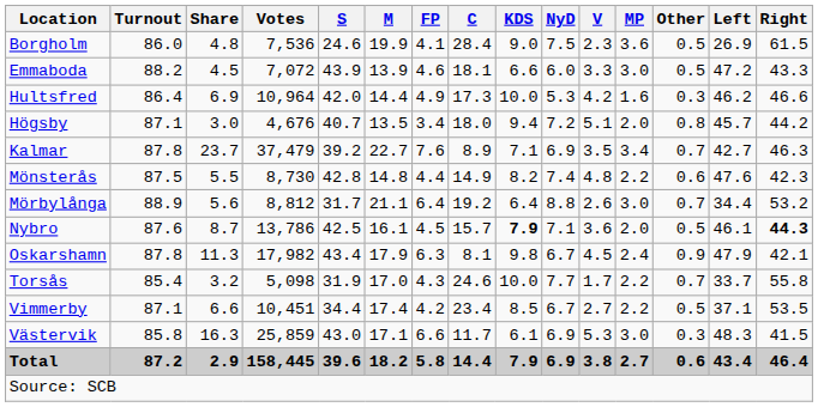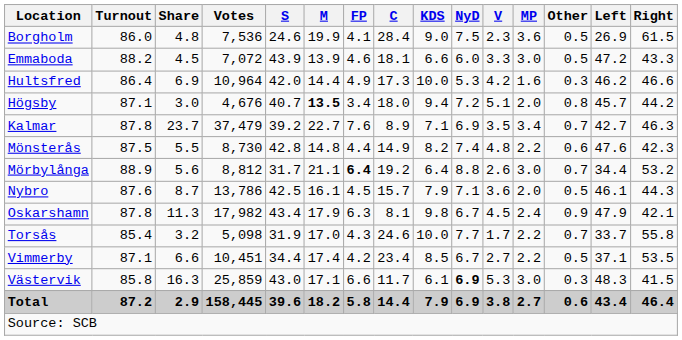 <table class="wikitable sortable" style=text-align:right>
 <tr>
 <th>Location</th>
 <th>Turnout</th>
 <th>Share</th>
 <th>Votes</th>
 <th><a href='#'>S</a></th>
 <th><a href='#'>M</a></th>
 <th><a href='#'>FP</a></th>
 <th><a href='#'>C</a></th>
 <th><a href='#'>KDS</a></th>
 <th><a href='#'>NyD</a></th>
 <th><a href='#'>V</a></th>
 <th><a href='#'>MP</a></th>
 <th>Other</th>
 <th>Left</th>
 <th>Right</th>
 </tr>
 <tr>
 <td align=left><a href='#'>Borgholm</a></td>
 <td>86.0</td>
 <td>4.8</td>
 <td>7,536</td>
 <td>24.6</td>
 <td>19.9</td>
 <td>4.1</td>
 <td>28.4</td>
 <td>9.0</td>
 <td>7.5</td>
 <td>2.3</td>
 <td>3.6</td>
 <td>0.5</td>
 <td>26.9</td>
 <td>61.5</td>
 </tr>
 <tr>
 <td align=left><a href='#'>Emmaboda</a></td>
 <td>88.2</td>
 <td>4.5</td>
 <td>7,072</td>
 <td>43.9</td>
 <td>13.9</td>
 <td>4.6</td>
 <td>18.1</td>
 <td>6.6</td>
 <td>6.0</td>
 <td>3.3</td>
 <td>3.0</td>
 <td>0.5</td>
 <td>47.2</td>
 <td>43.3</td>
 </tr>
 <tr>
 <td align=left><a href='#'>Hultsfred</a></td>
 <td>86.4</td>
 <td>6.9</td>
 <td>10,964</td>
 <td>42.0</td>
 <td>14.4</td>
 <td>4.9</td>
 <td>17.3</td>
 <td>10.0</td>
 <td>5.3</td>
 <td>4.2</td>
 <td>1.6</td>
 <td>0.3</td>
 <td>46.2</td>
 <td>46.6</td>
 </tr>
 <tr>
 <td align=left><a href='#'>Högsby</a></td>
 <td>87.1</td>
 <td>3.0</td>
 <td>4,676</td>
 <td>40.7</td>
-<td>13.5</td>
+<td><strong>13.5</strong></td>
 <td>3.4</td>
 <td>18.0</td>
 <td>9.4</td>
 <td>7.2</td>
 <td>5.1</td>
 <td>2.0</td>
 <td>0.8</td>
 <td>45.7</td>
 <td>44.2</td>
 </tr>
 <tr>
 <td align=left><a href='#'>Kalmar</a></td>
 <td>87.8</td>
 <td>23.7</td>
 <td>37,479</td>
 <td>39.2</td>
 <td>22.7</td>
 <td>7.6</td>
 <td>8.9</td>
 <td>7.1</td>
 <td>6.9</td>
 <td>3.5</td>
 <td>3.4</td>
 <td>0.7</td>
 <td>42.7</td>
 <td>46.3</td>
 </tr>
 <tr>
 <td align=left><a href='#'>Mönsterås</a></td>
 <td>87.5</td>
 <td>5.5</td>
 <td>8,730</td>
 <td>42.8</td>
 <td>14.8</td>
 <td>4.4</td>
 <td>14.9</td>
 <td>8.2</td>
 <td>7.4</td>
 <td>4.8</td>
 <td>2.2</td>
 <td>0.6</td>
 <td>47.6</td>
 <td>42.3</td>
 </tr>
 <tr>
 <td align=left><a href='#'>Mörbylånga</a></td>
 <td>88.9</td>
 <td>5.6</td>
 <td>8,812</td>
 <td>31.7</td>
 <td>21.1</td>
-<td>6.4</td>
+<td><strong>6.4</strong></td>
 <td>19.2</td>
 <td>6.4</td>
 <td>8.8</td>
 <td>2.6</td>
 <td>3.0</td>
 <td>0.7</td>
 <td>34.4</td>
 <td>53.2</td>
 </tr>
 <tr>
 <td align=left><a href='#'>Nybro</a></td>
 <td>87.6</td>
 <td>8.7</td>
 <td>13,786</td>
 <td>42.5</td>
 <td>16.1</td>
 <td>4.5</td>
 <td>15.7</td>
-<td><strong>7.9</strong></td>
+<td>7.9</td>
 <td>7.1</td>
 <td>3.6</td>
 <td>2.0</td>
 <td>0.5</td>
 <td>46.1</td>
-<td><strong>44.3</strong></td>
+<td>44.3</td>
 </tr>
 <tr>
 <td align=left><a href='#'>Oskarshamn</a></td>
 <td>87.8</td>
 <td>11.3</td>
 <td>17,982</td>
 <td>43.4</td>
 <td>17.9</td>
 <td>6.3</td>
 <td>8.1</td>
 <td>9.8</td>
 <td>6.7</td>
 <td>4.5</td>
 <td>2.4</td>
 <td>0.9</td>
 <td>47.9</td>
 <td>42.1</td>
 </tr>
 <tr>
 <td align=left><a href='#'>Torsås</a></td>
 <td>85.4</td>
 <td>3.2</td>
 <td>5,098</td>
 <td>31.9</td>
 <td>17.0</td>
 <td>4.3</td>
 <td>24.6</td>
 <td>10.0</td>
 <td>7.7</td>
 <td>1.7</td>
 <td>2.2</td>
 <td>0.7</td>
 <td>33.7</td>
 <td>55.8</td>
 </tr>
 <tr>
 <td align=left><a href='#'>Vimmerby</a></td>
 <td>87.1</td>
 <td>6.6</td>
 <td>10,451</td>
 <td>34.4</td>
 <td>17.4</td>
 <td>4.2</td>
 <td>23.4</td>
 <td>8.5</td>
 <td>6.7</td>
 <td>2.7</td>
 <td>2.2</td>
 <td>0.5</td>
 <td>37.1</td>
 <td>53.5</td>
 </tr>
 <tr>
 <td align=left><a href='#'>Västervik</a></td>
 <td>85.8</td>
 <td>16.3</td>
 <td>25,859</td>
 <td>43.0</td>
 <td>17.1</td>
 <td>6.6</td>
 <td>11.7</td>
 <td>6.1</td>
-<td>6.9</td>
+<td><strong>6.9</strong></td>
 <td>5.3</td>
 <td>3.0</td>
 <td>0.3</td>
 <td>48.3</td>
 <td>41.5</td>
 </tr>
 <tr>
 </tr>
 <tr style="background:#CDCDCD;">
 <td align=left><strong>Total</strong></td>
 <td><strong>87.2</strong></td>
 <td><strong>2.9</strong></td>
 <td><strong>158,445</strong></td>
 <td><strong>39.6</strong></td>
 <td><strong>18.2</strong></td>
 <td><strong>5.8</strong></td>
 <td><strong>14.4</strong></td>
 <td><strong>7.9</strong></td>
 <td><strong>6.9</strong></td>
 <td><strong>3.8</strong></td>
 <td><strong>2.7</strong></td>
 <td><strong>0.6</strong></td>
 <td><strong>43.4</strong></td>
 <td><strong>46.4</strong></td>
 </tr>
 <tr>
 <td align=left colspan=15>Source: SCB </td>
 </tr>
 </table>
